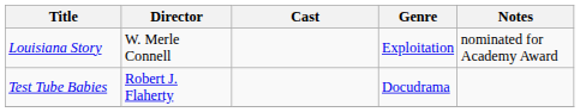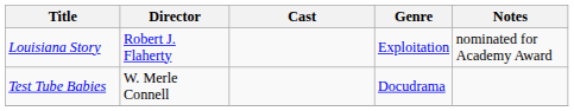 <table class="wikitable" width= "100%">
 <tr>
 <th width=21%>Title</th>
 <th width=20%>Director</th>
 <th width=27%>Cast</th>
 <th width=11%>Genre</th>
 <th width=21%>Notes</th>
 </tr>
 <tr>
 <td><em><a href='#'>Louisiana Story</a></em></td>
-<td>W. Merle Connell</td>
+<td><a href='#'>Robert J. Flaherty</a></td>
 <td></td>
 <td><a href='#'>Exploitation</a></td>
 <td>nominated for Academy Award</td>
 </tr>
 <tr>
 <td><em><a href='#'>Test Tube Babies</a></em></td>
-<td><a href='#'>Robert J. Flaherty</a></td>
+<td>W. Merle Connell</td>
 <td></td>
 <td><a href='#'>Docudrama</a></td>
 <td></td>
 </tr>
 <tr>
 </tr>
 </table>
